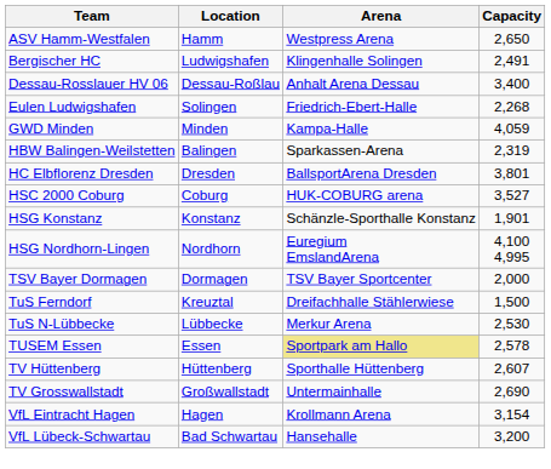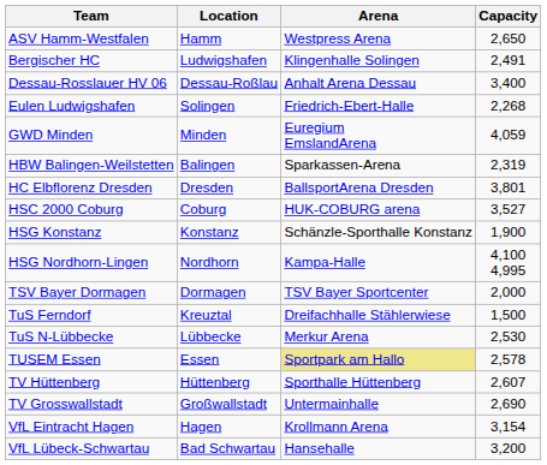 <table class="wikitable sortable" style="text-align: left;">
 <tr>
 <th>Team</th>
 <th>Location</th>
 <th>Arena</th>
 <th>Capacity</th>
 </tr>
 <tr>
 <td><a href='#'>ASV Hamm-Westfalen</a></td>
 <td><a href='#'>Hamm</a></td>
 <td><a href='#'>Westpress Arena</a></td>
 <td align="center">2,650</td>
 </tr>
 <tr>
 <td><a href='#'>Bergischer HC</a></td>
 <td><a href='#'>Ludwigshafen</a></td>
 <td><a href='#'>Klingenhalle Solingen</a></td>
 <td align="center">2,491</td>
 </tr>
 <tr>
 <td><a href='#'>Dessau-Rosslauer HV 06</a></td>
 <td><a href='#'>Dessau-Roßlau</a></td>
 <td><a href='#'>Anhalt Arena Dessau</a></td>
 <td align="center">3,400</td>
 </tr>
 <tr>
 <td><a href='#'>Eulen Ludwigshafen</a></td>
 <td><a href='#'>Solingen</a></td>
 <td><a href='#'>Friedrich-Ebert-Halle</a></td>
 <td align="center">2,268</td>
 </tr>
 <tr>
 <td><a href='#'>GWD Minden</a></td>
 <td><a href='#'>Minden</a></td>
-<td><a href='#'>Kampa-Halle</a></td>
+<td><a href='#'>Euregium</a><br><a href='#'>EmslandArena</a></td>
 <td align="center">4,059</td>
 </tr>
 <tr>
 <td><a href='#'>HBW Balingen-Weilstetten</a></td>
 <td><a href='#'>Balingen</a></td>
 <td>Sparkassen-Arena</td>
 <td align="center">2,319</td>
 </tr>
 <tr>
 <td><a href='#'>HC Elbflorenz Dresden</a></td>
 <td><a href='#'>Dresden</a></td>
 <td><a href='#'>BallsportArena Dresden</a></td>
 <td align="center">3,801</td>
 </tr>
 <tr>
 <td><a href='#'>HSC 2000 Coburg</a></td>
 <td><a href='#'>Coburg</a></td>
 <td><a href='#'>HUK-COBURG arena</a></td>
 <td align="center">3,527</td>
 </tr>
 <tr>
 <td><a href='#'>HSG Konstanz</a></td>
 <td><a href='#'>Konstanz</a></td>
 <td>Schänzle-Sporthalle Konstanz</td>
-<td align="center">1,901</td>
+<td align="center">1,900</td>
 </tr>
 <tr>
 <td><a href='#'>HSG Nordhorn-Lingen</a></td>
 <td><a href='#'>Nordhorn</a></td>
-<td><a href='#'>Euregium</a><br><a href='#'>EmslandArena</a></td>
+<td><a href='#'>Kampa-Halle</a></td>
 <td align="center">4,100<br>4,995</td>
 </tr>
 <tr>
 <td><a href='#'>TSV Bayer Dormagen</a></td>
 <td><a href='#'>Dormagen</a></td>
 <td><a href='#'>TSV Bayer Sportcenter</a></td>
 <td align="center">2,000</td>
 </tr>
 <tr>
 <td><a href='#'>TuS Ferndorf</a></td>
 <td><a href='#'>Kreuztal</a></td>
 <td><a href='#'>Dreifachhalle Stählerwiese</a></td>
 <td align="center">1,500</td>
 </tr>
 <tr>
 <td><a href='#'>TuS N-Lübbecke</a></td>
 <td><a href='#'>Lübbecke</a></td>
 <td><a href='#'>Merkur Arena</a></td>
 <td align="center">2,530</td>
 </tr>
 <tr>
 <td><a href='#'>TUSEM Essen</a></td>
 <td><a href='#'>Essen</a></td>
 <td style="background: khaki;"><a href='#'>Sportpark am Hallo</a></td>
 <td align="center">2,578</td>
 </tr>
 <tr>
 <td><a href='#'>TV Hüttenberg</a></td>
 <td><a href='#'>Hüttenberg</a></td>
 <td><a href='#'>Sporthalle Hüttenberg</a></td>
 <td align="center">2,607</td>
 </tr>
 <tr>
 <td><a href='#'>TV Grosswallstadt</a></td>
 <td><a href='#'>Großwallstadt</a></td>
 <td><a href='#'>Untermainhalle</a></td>
 <td align="center">2,690</td>
 </tr>
 <tr>
 <td><a href='#'>VfL Eintracht Hagen</a></td>
 <td><a href='#'>Hagen</a></td>
 <td><a href='#'>Krollmann Arena</a></td>
 <td align="center">3,154</td>
 </tr>
 <tr>
 <td><a href='#'>VfL Lübeck-Schwartau</a></td>
 <td><a href='#'>Bad Schwartau</a></td>
 <td><a href='#'>Hansehalle</a></td>
 <td align="center">3,200</td>
 </tr>
 </table>
